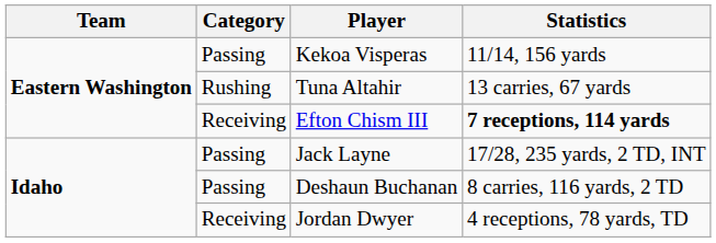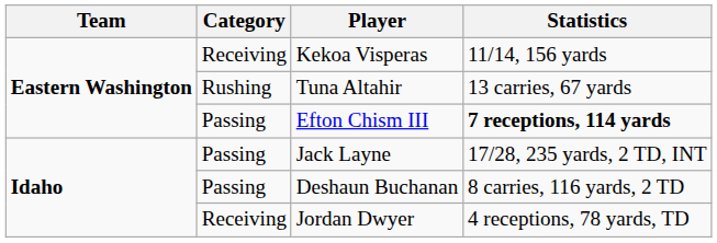 <table class="wikitable" style="float: right;">
 <tr>
 <th>Team</th>
 <th>Category</th>
 <th>Player</th>
 <th>Statistics</th>
 </tr>
 <tr>
 <td rowspan=3><strong>Eastern Washington</strong></td>
-<td>Passing</td>
+<td>Receiving</td>
 <td>Kekoa Visperas</td>
 <td>11/14, 156 yards</td>
 </tr>
 <tr>
 <td>Rushing</td>
 <td>Tuna Altahir</td>
 <td>13 carries, 67 yards</td>
 </tr>
 <tr>
-<td>Receiving</td>
+<td>Passing</td>
 <td><a href='#'>Efton Chism III</a></td>
 <td><strong>7 receptions, 114 yards</strong></td>
 </tr>
 <tr>
 <td rowspan=3><strong>Idaho</strong></td>
 <td>Passing</td>
 <td>Jack Layne</td>
 <td>17/28, 235 yards, 2 TD, INT</td>
 </tr>
 <tr>
 <td>Passing</td>
 <td>Deshaun Buchanan</td>
 <td>8 carries, 116 yards, 2 TD</td>
 </tr>
 <tr>
 <td>Receiving</td>
 <td>Jordan Dwyer</td>
 <td>4 receptions, 78 yards, TD</td>
 </tr>
 </table>
